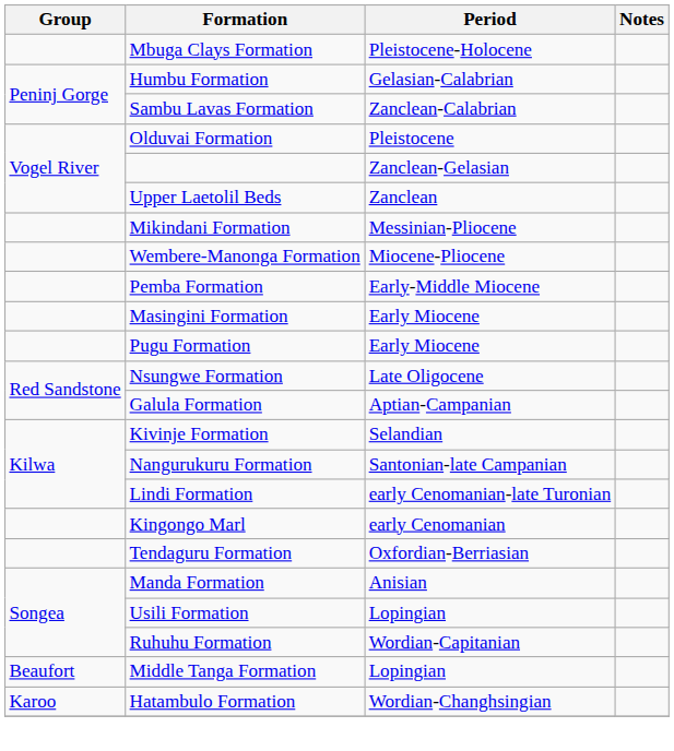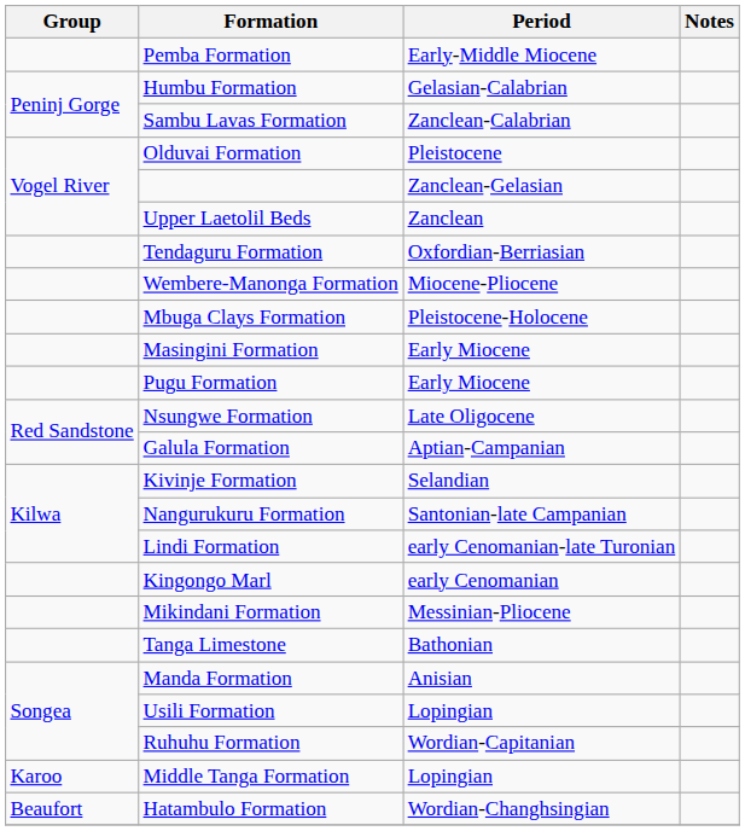 <table class="wikitable sortable">
 <tr>
 <th>Group</th>
 <th>Formation</th>
 <th>Period</th>
 <th class="unsortable">Notes</th>
 </tr>
 <tr>
 <td></td>
-<td><a href='#'>Mbuga Clays Formation</a></td>
-<td style="background-color: "><a href='#'>Pleistocene</a>-<a href='#'>Holocene</a></td>
+<td><a href='#'>Pemba Formation</a></td>
+<td style="background-color: "><a href='#'>Early</a>-<a href='#'>Middle Miocene</a></td>
 <td align=center></td>
 </tr>
 <tr>
 <td rowspan=2><a href='#'>Peninj Gorge</a></td>
 <td><a href='#'>Humbu Formation</a></td>
 <td style="background-color: "><a href='#'>Gelasian</a>-<a href='#'>Calabrian</a></td>
 <td align=center></td>
 </tr>
 <tr>
 <td><a href='#'>Sambu Lavas Formation</a></td>
 <td style="background-color: "><a href='#'>Zanclean</a>-<a href='#'>Calabrian</a></td>
 <td align=center></td>
 </tr>
 <tr>
 <td rowspan=3><a href='#'>Vogel River</a></td>
 <td><a href='#'>Olduvai Formation</a></td>
 <td style="background-color: "><a href='#'>Pleistocene</a></td>
 <td align=center></td>
 </tr>
 <tr>
 <td></td>
 <td style="background-color: "><a href='#'>Zanclean</a>-<a href='#'>Gelasian</a></td>
 <td align=center></td>
 </tr>
 <tr>
 <td><a href='#'>Upper Laetolil Beds</a></td>
 <td style="background-color: "><a href='#'>Zanclean</a></td>
 <td align=center></td>
 </tr>
 <tr>
 <td></td>
-<td><a href='#'>Mikindani Formation</a></td>
-<td style="background-color: "><a href='#'>Messinian</a>-<a href='#'>Pliocene</a></td>
+<td><a href='#'>Tendaguru Formation</a></td>
+<td style="background-color: "><a href='#'>Oxfordian</a>-<a href='#'>Berriasian</a></td>
 <td align=center></td>
 </tr>
 <tr>
 <td></td>
 <td><a href='#'>Wembere-Manonga Formation</a></td>
 <td style="background-color: "><a href='#'>Miocene</a>-<a href='#'>Pliocene</a></td>
 <td align=center></td>
 </tr>
 <tr>
 <td></td>
-<td><a href='#'>Pemba Formation</a></td>
-<td style="background-color: "><a href='#'>Early</a>-<a href='#'>Middle Miocene</a></td>
+<td><a href='#'>Mbuga Clays Formation</a></td>
+<td style="background-color: "><a href='#'>Pleistocene</a>-<a href='#'>Holocene</a></td>
 <td align=center></td>
 </tr>
 <tr>
 <td></td>
 <td><a href='#'>Masingini Formation</a></td>
 <td style="background-color: "><a href='#'>Early Miocene</a></td>
 <td align=center></td>
 </tr>
 <tr>
 <td></td>
 <td><a href='#'>Pugu Formation</a></td>
 <td style="background-color: "><a href='#'>Early Miocene</a></td>
 <td align=center></td>
 </tr>
 <tr>
 <td rowspan=2><a href='#'>Red Sandstone</a></td>
 <td><a href='#'>Nsungwe Formation</a></td>
 <td style="background-color: "><a href='#'>Late Oligocene</a></td>
 <td align=center></td>
 </tr>
 <tr>
 <td><a href='#'>Galula Formation</a></td>
 <td style="background-color: "><a href='#'>Aptian</a>-<a href='#'>Campanian</a></td>
 <td align=center></td>
 </tr>
 <tr>
 <td rowspan=3><a href='#'>Kilwa</a></td>
 <td><a href='#'>Kivinje Formation</a></td>
 <td style="background-color: "><a href='#'>Selandian</a></td>
 <td align=center></td>
 </tr>
 <tr>
 <td><a href='#'>Nangurukuru Formation</a></td>
 <td style="background-color: "><a href='#'>Santonian</a>-<a href='#'>late Campanian</a></td>
 <td align=center></td>
 </tr>
 <tr>
 <td><a href='#'>Lindi Formation</a></td>
 <td style="background-color: "><a href='#'>early Cenomanian</a>-<a href='#'>late Turonian</a></td>
 <td align=center></td>
 </tr>
 <tr>
 <td></td>
 <td><a href='#'>Kingongo Marl</a></td>
 <td style="background-color: "><a href='#'>early Cenomanian</a></td>
 <td align=center></td>
 </tr>
 <tr>
 <td></td>
-<td><a href='#'>Tendaguru Formation</a></td>
-<td style="background-color: "><a href='#'>Oxfordian</a>-<a href='#'>Berriasian</a></td>
+<td><a href='#'>Mikindani Formation</a></td>
+<td style="background-color: "><a href='#'>Messinian</a>-<a href='#'>Pliocene</a></td>
+<td align=center></td>
+</tr>
+<tr>
+<td></td>
+<td><a href='#'>Tanga Limestone</a></td>
+<td style="background-color: "><a href='#'>Bathonian</a></td>
 <td align=center></td>
 </tr>
 <tr>
 <td rowspan=3><a href='#'>Songea</a></td>
 <td><a href='#'>Manda Formation</a></td>
 <td style="background-color: "><a href='#'>Anisian</a></td>
 <td align=center></td>
 </tr>
 <tr>
 <td><a href='#'>Usili Formation</a></td>
 <td style="background-color: "><a href='#'>Lopingian</a></td>
 <td align=center></td>
 </tr>
 <tr>
 <td><a href='#'>Ruhuhu Formation</a></td>
 <td style="background-color: "><a href='#'>Wordian</a>-<a href='#'>Capitanian</a></td>
 <td align=center></td>
 </tr>
 <tr>
-<td><a href='#'>Beaufort</a></td>
+<td><a href='#'>Karoo</a></td>
 <td><a href='#'>Middle Tanga Formation</a></td>
 <td style="background-color: "><a href='#'>Lopingian</a></td>
 <td align=center></td>
 </tr>
 <tr>
-<td><a href='#'>Karoo</a></td>
+<td><a href='#'>Beaufort</a></td>
 <td><a href='#'>Hatambulo Formation</a></td>
 <td style="background-color: "><a href='#'>Wordian</a>-<a href='#'>Changhsingian</a></td>
 <td align=center></td>
 </tr>
 <tr>
 </tr>
 </table>
